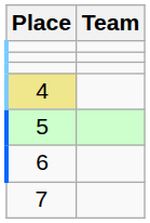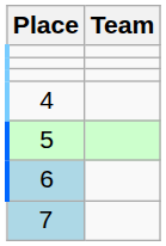 <table class="wikitable" style="text-align:center; padding-bottom:0;">
 <tr>
 <th>Place</th>
 <th style="text-align:left;">Team</th>
 </tr>
 <tr>
 <td style="border-left:3px solid #7cf;"></td>
 <td align=left></td>
 </tr>
 <tr>
 <td style="border-left:3px solid #7cf;"></td>
 <td align=left></td>
 </tr>
 <tr>
 <td style="border-left:3px solid #7cf;"></td>
 <td align=left></td>
 </tr>
 <tr>
-<td style="background: khaki; border-left:3px solid #7cf;">4</td>
+<td style="border-left:3px solid #7cf;">4</td>
 <td align=left></td>
 </tr>
 <tr bgcolor=#cfc>
 <td style="border-left:3px solid #06f;">5</td>
 <td align=left></td>
 </tr>
 <tr>
-<td style="border-left:3px solid #06f;">6</td>
+<td style="background: lightblue; border-left:3px solid #06f;">6</td>
 <td align=left></td>
 </tr>
 <tr>
-<td>7</td>
+<td style="background: lightblue;">7</td>
 <td align=left></td>
 </tr>
 </table>
